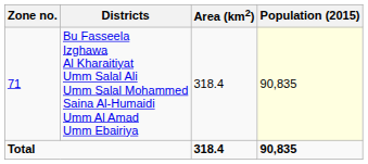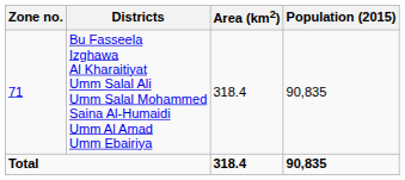 <table class="wikitable">
 <tr>
 <th>Zone no.</th>
 <th>Districts</th>
 <th>Area (km<sup>2</sup>)</th>
 <th>Population (2015)</th>
 </tr>
 <tr>
 <td><a href='#'>71</a></td>
 <td><a href='#'>Bu Fasseela</a> <br> <a href='#'>Izghawa</a> <br> <a href='#'>Al Kharaitiyat</a> <br> <a href='#'>Umm Salal Ali</a> <br> <a href='#'>Umm Salal Mohammed</a> <br> <a href='#'>Saina Al-Humaidi</a> <br> <a href='#'>Umm Al Amad</a> <br> <a href='#'>Umm Ebairiya</a></td>
 <td>318.4</td>
-<td style="background: lightyellow;">90,835</td>
+<td>90,835</td>
 </tr>
 <tr>
 <td colspan="2"><strong>Total</strong></td>
 <td><strong>318.4</strong></td>
 <td><strong>90,835</strong></td>
 </tr>
 </table>
